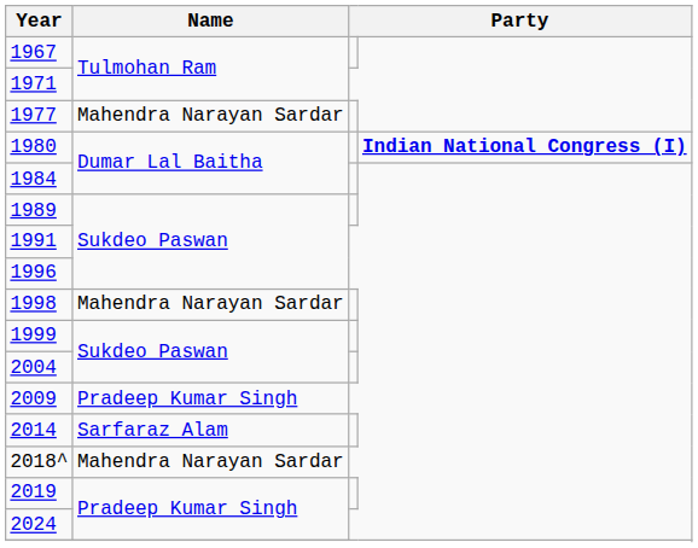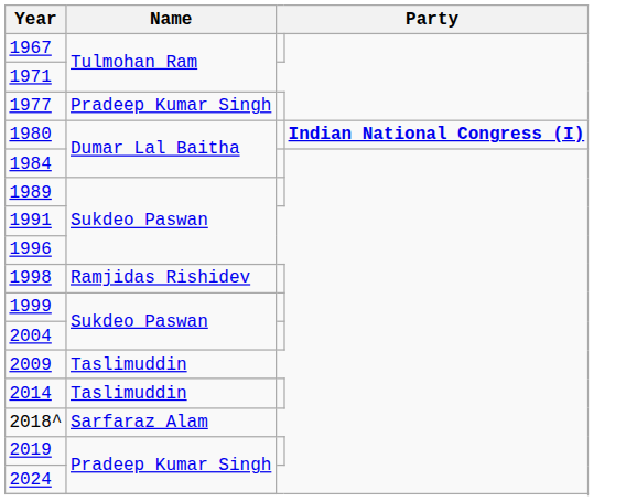 <table class="wikitable">
 <tr>
 <th>Year</th>
 <th>Name</th>
 <th colspan="2">Party</th>
 </tr>
 <tr>
 <td><a href='#'>1967</a></td>
 <td rowspan="2"><a href='#'>Tulmohan Ram</a></td>
 <td></td>
 </tr>
 <tr>
 <td><a href='#'>1971</a></td>
 </tr>
 <tr>
 <td><a href='#'>1977</a></td>
-<td>Mahendra Narayan Sardar</td>
+<td><a href='#'>Pradeep Kumar Singh</a></td>
 <td></td>
 </tr>
 <tr>
 <td><a href='#'>1980</a></td>
 <td rowspan="2"><a href='#'>Dumar Lal Baitha</a></td>
 <td style="background-color: "></td>
 <td><strong><a href='#'>Indian National Congress (I)</a></strong></td>
 </tr>
 <tr>
 <td><a href='#'>1984</a></td>
 <td></td>
 </tr>
 <tr>
 <td><a href='#'>1989</a></td>
 <td rowspan="3"><a href='#'>Sukdeo Paswan</a></td>
 <td></td>
 </tr>
 <tr>
 <td><a href='#'>1991</a></td>
 </tr>
 <tr>
 <td><a href='#'>1996</a></td>
 </tr>
 <tr>
 <td><a href='#'>1998</a></td>
-<td>Mahendra Narayan Sardar</td>
+<td><a href='#'>Ramjidas Rishidev</a></td>
 <td></td>
 </tr>
 <tr>
 <td><a href='#'>1999</a></td>
 <td rowspan="2"><a href='#'>Sukdeo Paswan</a></td>
 <td></td>
 </tr>
 <tr>
 <td><a href='#'>2004</a></td>
 <td></td>
 </tr>
 <tr>
 <td><a href='#'>2009</a></td>
-<td><a href='#'>Pradeep Kumar Singh</a></td>
+<td><a href='#'>Taslimuddin</a></td>
 </tr>
 <tr>
 <td><a href='#'>2014</a></td>
-<td><a href='#'>Sarfaraz Alam</a></td>
+<td><a href='#'>Taslimuddin</a></td>
 <td></td>
 </tr>
 <tr>
 <td>2018^</td>
-<td>Mahendra Narayan Sardar</td>
+<td><a href='#'>Sarfaraz Alam</a></td>
 </tr>
 <tr>
 <td><a href='#'>2019</a></td>
 <td rowspan=2><a href='#'>Pradeep Kumar Singh</a></td>
 <td></td>
 </tr>
 <tr>
 <td><a href='#'>2024</a></td>
 </tr>
 <tr>
 </tr>
 </table>
